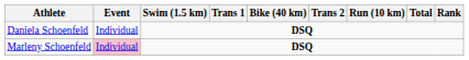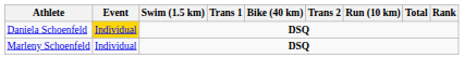 <table class="wikitable" style="font-size:90%">
 <tr>
 <th>Athlete</th>
 <th>Event</th>
 <th>Swim (1.5 km)</th>
 <th>Trans 1</th>
 <th>Bike (40 km)</th>
 <th>Trans 2</th>
 <th>Run (10 km)</th>
 <th>Total</th>
 <th>Rank</th>
 </tr>
 <tr>
 <td><a href='#'>Daniela Schoenfeld</a></td>
-<td><a href='#'>Individual</a></td>
+<td style="background: gold;"><a href='#'>Individual</a></td>
 <td align=center colspan="7"><strong>DSQ</strong></td>
 </tr>
 <tr>
 <td><a href='#'>Marleny Schoenfeld</a></td>
-<td style="background: pink;"><a href='#'>Individual</a></td>
+<td><a href='#'>Individual</a></td>
 <td align=center colspan="7"><strong>DSQ</strong></td>
 </tr>
 </table>
